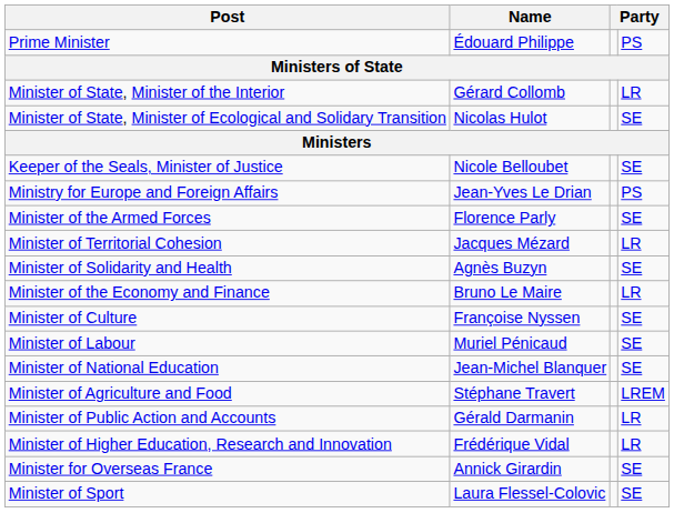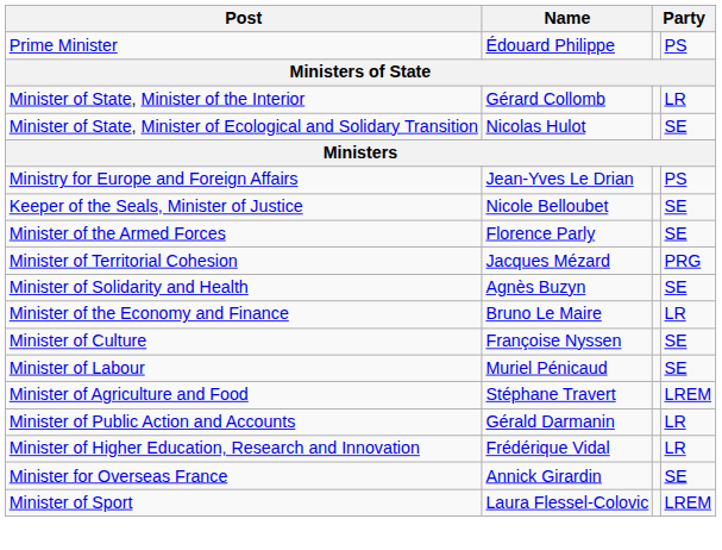 <table class="wikitable">
 <tr>
 <th scope="col">Post</th>
 <th scope="col">Name</th>
 <th colspan="2" scope="col">Party</th>
 </tr>
 <tr>
 <td><a href='#'>Prime Minister</a></td>
 <td><a href='#'>Édouard Philippe</a></td>
 <td style="background:"></td>
 <td><a href='#'>PS</a></td>
 </tr>
 <tr>
 <th colspan="4">Ministers of State</th>
 </tr>
 <tr>
 <td><a href='#'>Minister of State</a>, <a href='#'>Minister of the Interior</a></td>
 <td><a href='#'>Gérard Collomb</a></td>
 <td style="background:"></td>
 <td><a href='#'>LR</a></td>
 </tr>
 <tr>
 <td><a href='#'>Minister of State</a>, <a href='#'>Minister of Ecological and Solidary Transition</a></td>
 <td><a href='#'>Nicolas Hulot</a></td>
 <td style="background:"></td>
 <td><a href='#'>SE</a></td>
 </tr>
 <tr>
 <th colspan="4">Ministers</th>
 </tr>
 <tr>
+<td><a href='#'>Ministry for Europe and Foreign Affairs</a></td>
+<td><a href='#'>Jean-Yves Le Drian</a></td>
+<td style="background:"></td>
+<td><a href='#'>PS</a></td>
+</tr>
+<tr>
 <td><a href='#'>Keeper of the Seals, Minister of Justice</a></td>
 <td><a href='#'>Nicole Belloubet</a></td>
 <td style="background:"></td>
 <td><a href='#'>SE</a></td>
-</tr>
-<tr>
-<td><a href='#'>Ministry for Europe and Foreign Affairs</a></td>
-<td><a href='#'>Jean-Yves Le Drian</a></td>
-<td style="background:"></td>
-<td><a href='#'>PS</a></td>
 </tr>
 <tr>
 <td><a href='#'>Minister of the Armed Forces</a></td>
 <td><a href='#'>Florence Parly</a></td>
 <td style="background:"></td>
 <td><a href='#'>SE</a></td>
 </tr>
 <tr>
 <td><a href='#'>Minister of Territorial Cohesion</a></td>
 <td><a href='#'>Jacques Mézard</a></td>
 <td style=background:></td>
-<td><a href='#'>LR</a></td>
+<td><a href='#'>PRG</a></td>
 </tr>
 <tr>
 <td><a href='#'>Minister of Solidarity and Health</a></td>
 <td><a href='#'>Agnès Buzyn</a></td>
 <td style="background:"></td>
 <td><a href='#'>SE</a></td>
 </tr>
 <tr>
 <td><a href='#'>Minister of the Economy and Finance</a></td>
 <td><a href='#'>Bruno Le Maire</a></td>
 <td style="background:"></td>
 <td><a href='#'>LR</a></td>
 </tr>
 <tr>
 <td><a href='#'>Minister of Culture</a></td>
 <td><a href='#'>Françoise Nyssen</a></td>
 <td style="background:"></td>
 <td><a href='#'>SE</a></td>
 </tr>
 <tr>
 <td><a href='#'>Minister of Labour</a></td>
 <td><a href='#'>Muriel Pénicaud</a></td>
-<td style="background:"></td>
-<td><a href='#'>SE</a></td>
-</tr>
-<tr>
-<td><a href='#'>Minister of National Education</a></td>
-<td><a href='#'>Jean-Michel Blanquer</a></td>
 <td style="background:"></td>
 <td><a href='#'>SE</a></td>
 </tr>
 <tr>
 <td><a href='#'>Minister of Agriculture and Food</a></td>
 <td><a href='#'>Stéphane Travert</a></td>
 <td style="background:"></td>
 <td><a href='#'>LREM</a></td>
 </tr>
 <tr>
 <td><a href='#'>Minister of Public Action and Accounts</a></td>
 <td><a href='#'>Gérald Darmanin</a></td>
 <td style="background:"></td>
 <td><a href='#'>LR</a></td>
 </tr>
 <tr>
 <td><a href='#'>Minister of Higher Education, Research and Innovation</a></td>
 <td><a href='#'>Frédérique Vidal</a></td>
 <td style="background:"></td>
 <td><a href='#'>LR</a></td>
 </tr>
 <tr>
 <td><a href='#'>Minister for Overseas France</a></td>
 <td><a href='#'>Annick Girardin</a></td>
 <td style=background:></td>
 <td><a href='#'>SE</a></td>
 </tr>
 <tr>
 <td><a href='#'>Minister of Sport</a></td>
 <td><a href='#'>Laura Flessel-Colovic</a></td>
 <td style="background:"></td>
-<td><a href='#'>SE</a></td>
+<td><a href='#'>LREM</a></td>
 </tr>
 </table>
